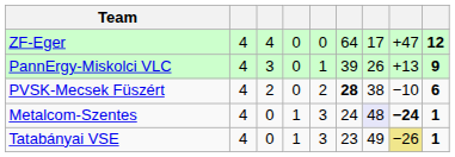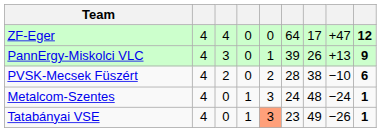 <table class="wikitable" style="text-align:center;">
 <tr>
 <th width=225>Team</th>
 <th width=20></th>
 <th width=20></th>
 <th width=20></th>
 <th width=20></th>
 <th width=20></th>
 <th width=20></th>
 <th width=20></th>
 <th width=20></th>
 </tr>
 <tr style="background:#cfc;">
 <td align="left"> <a href='#'>ZF-Eger</a></td>
 <td>4</td>
 <td>4</td>
 <td>0</td>
 <td>0</td>
 <td>64</td>
 <td>17</td>
 <td>+47</td>
 <td><strong>12</strong></td>
 </tr>
 <tr style="background:#cfc;">
 <td align="left"> <a href='#'>PannErgy-Miskolci VLC</a></td>
 <td>4</td>
 <td>3</td>
 <td>0</td>
 <td>1</td>
 <td>39</td>
 <td>26</td>
 <td>+13</td>
 <td><strong>9</strong></td>
 </tr>
 <tr>
 <td align="left"> <a href='#'>PVSK-Mecsek Füszért</a></td>
 <td>4</td>
 <td>2</td>
 <td>0</td>
 <td>2</td>
-<td><strong>28</strong></td>
+<td>28</td>
 <td>38</td>
 <td>−10</td>
 <td><strong>6</strong></td>
 </tr>
 <tr>
 <td align="left"> <a href='#'>Metalcom-Szentes</a></td>
 <td>4</td>
 <td>0</td>
 <td>1</td>
 <td>3</td>
 <td>24</td>
-<td style="background: lavender;">48</td>
-<td><strong>−24</strong></td>
+<td>48</td>
+<td>−24</td>
 <td><strong>1</strong></td>
 </tr>
 <tr>
 <td align="left"> <a href='#'>Tatabányai VSE</a></td>
 <td>4</td>
 <td>0</td>
 <td>1</td>
-<td>3</td>
+<td style="background: lightsalmon;">3</td>
 <td>23</td>
 <td>49</td>
-<td style="background: khaki;">−26</td>
+<td>−26</td>
 <td><strong>1</strong></td>
 </tr>
 </table>
